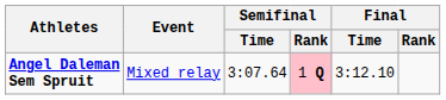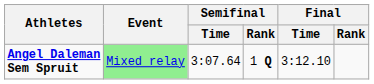 <table class="wikitable" style="font-size:90%">
 <tr>
 <th rowspan=2>Athletes</th>
 <th rowspan=2>Event</th>
 <th colspan=2>Semifinal</th>
 <th colspan=2>Final</th>
 </tr>
 <tr>
 <th>Time</th>
 <th>Rank</th>
 <th>Time</th>
 <th>Rank</th>
 </tr>
 <tr align=center>
 <td align=left><strong><a href='#'>Angel Daleman</a><br>Sem Spruit</strong></td>
-<td align=left><a href='#'>Mixed relay</a></td>
+<td align=left style="background: lightgreen;"><a href='#'>Mixed relay</a></td>
 <td>3:07.64</td>
-<td style="background: pink;">1 <strong>Q</strong></td>
+<td>1 <strong>Q</strong></td>
 <td>3:12.10</td>
 <td></td>
 </tr>
 </table>
